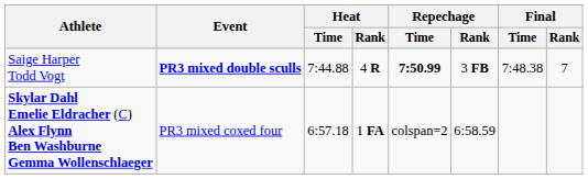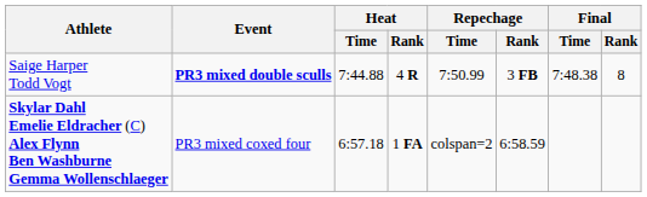 <table class=wikitable style=font-size:90%;text-align:center>
 <tr>
 <th rowspan=2>Athlete</th>
 <th rowspan=2>Event</th>
 <th colspan=2>Heat</th>
 <th colspan=2>Repechage</th>
 <th colspan=2>Final</th>
 </tr>
 <tr style=font-size:95%>
 <th>Time</th>
 <th>Rank</th>
 <th>Time</th>
 <th>Rank</th>
 <th>Time</th>
 <th>Rank</th>
 </tr>
 <tr>
 <td align=left><a href='#'>Saige Harper</a><br><a href='#'>Todd Vogt</a></td>
 <td align=left><strong><a href='#'>PR3 mixed double sculls</a></strong></td>
 <td>7:44.88</td>
 <td>4 <strong>R</strong></td>
-<td><strong>7:50.99</strong></td>
+<td>7:50.99</td>
 <td>3 <strong>FB</strong></td>
 <td>7:48.38</td>
-<td>7</td>
+<td>8</td>
 </tr>
 <tr>
 <td align=left><strong><a href='#'>Skylar Dahl</a><br><a href='#'>Emelie Eldracher</a> </strong>(<a href='#'>C</a>)<strong><br><a href='#'>Alex Flynn</a><br><a href='#'>Ben Washburne</a><br><a href='#'>Gemma Wollenschlaeger</a></strong></td>
 <td align=left><a href='#'>PR3 mixed coxed four</a></td>
 <td>6:57.18</td>
 <td>1 <strong>FA</strong></td>
 <td>colspan=2 </td>
 <td>6:58.59</td>
 <td></td>
 </tr>
 </table>
